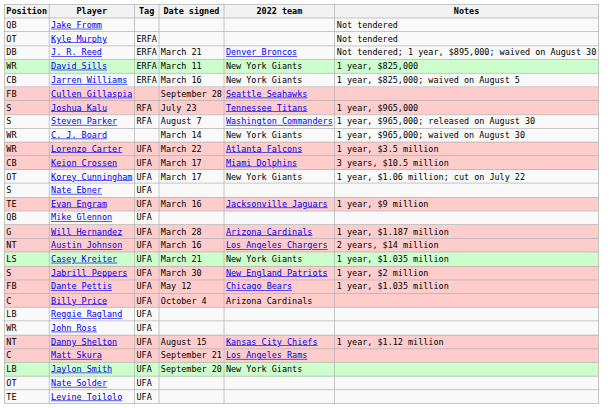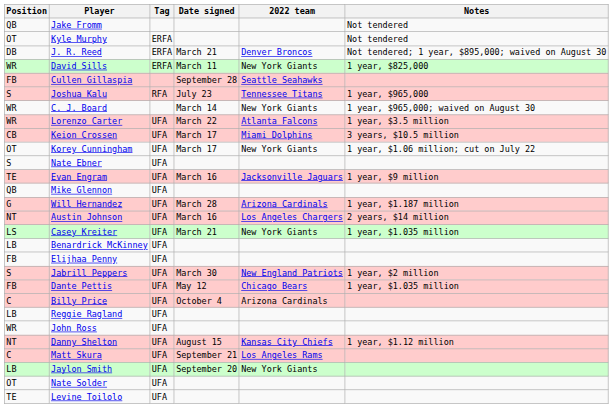 <table class="wikitable">
 <tr>
 <th>Position</th>
 <th>Player</th>
 <th>Tag</th>
 <th>Date signed</th>
 <th>2022 team</th>
 <th>Notes</th>
 </tr>
 <tr>
 <td>QB</td>
 <td><a href='#'>Jake Fromm</a></td>
 <td></td>
 <td></td>
 <td></td>
 <td>Not tendered</td>
 </tr>
 <tr>
 <td>OT</td>
 <td><a href='#'>Kyle Murphy</a></td>
 <td>ERFA</td>
 <td></td>
 <td></td>
 <td>Not tendered</td>
 </tr>
 <tr>
 <td>DB</td>
 <td><a href='#'>J. R. Reed</a></td>
 <td>ERFA</td>
 <td>March 21</td>
 <td><a href='#'>Denver Broncos</a></td>
 <td>Not tendered; 1 year, $895,000; waived on August 30</td>
 </tr>
 <tr bgcolor="#ccffcc">
 <td>WR</td>
 <td><a href='#'>David Sills</a></td>
 <td>ERFA</td>
 <td>March 11</td>
 <td>New York Giants</td>
 <td>1 year, $825,000</td>
 </tr>
-<tr>
-<td>CB</td>
-<td><a href='#'>Jarren Williams</a></td>
-<td>ERFA</td>
-<td>March 16</td>
-<td>New York Giants</td>
-<td>1 year, $825,000; waived on August 5</td>
-</tr>
 <tr bgcolor="#ffcccc">
 <td>FB</td>
 <td><a href='#'>Cullen Gillaspia</a></td>
 <td></td>
 <td>September 28</td>
 <td><a href='#'>Seattle Seahawks</a></td>
 <td></td>
 </tr>
 <tr bgcolor="#ffcccc">
 <td>S</td>
 <td><a href='#'>Joshua Kalu</a></td>
 <td>RFA</td>
 <td>July 23</td>
 <td><a href='#'>Tennessee Titans</a></td>
 <td>1 year, $965,000</td>
-</tr>
-<tr>
-<td>S</td>
-<td><a href='#'>Steven Parker</a></td>
-<td>RFA</td>
-<td>August 7</td>
-<td><a href='#'>Washington Commanders</a></td>
-<td>1 year, $965,000; released on August 30</td>
 </tr>
 <tr>
 <td>WR</td>
 <td><a href='#'>C. J. Board</a></td>
 <td></td>
 <td>March 14</td>
 <td>New York Giants</td>
 <td>1 year, $965,000; waived on August 30</td>
 </tr>
 <tr bgcolor="#ffcccc">
 <td>WR</td>
 <td><a href='#'>Lorenzo Carter</a></td>
 <td>UFA</td>
 <td>March 22</td>
 <td><a href='#'>Atlanta Falcons</a></td>
 <td>1 year, $3.5 million</td>
 </tr>
 <tr bgcolor="#ffcccc">
 <td>CB</td>
 <td><a href='#'>Keion Crossen</a></td>
 <td>UFA</td>
 <td>March 17</td>
 <td><a href='#'>Miami Dolphins</a></td>
 <td>3 years, $10.5 million</td>
 </tr>
 <tr>
 <td>OT</td>
 <td><a href='#'>Korey Cunningham</a></td>
 <td>UFA</td>
 <td>March 17</td>
 <td>New York Giants</td>
 <td>1 year, $1.06 million; cut on July 22</td>
 </tr>
 <tr>
 <td>S</td>
 <td><a href='#'>Nate Ebner</a></td>
 <td>UFA</td>
 <td></td>
 <td></td>
 <td></td>
 </tr>
 <tr bgcolor="#ffcccc">
 <td>TE</td>
 <td><a href='#'>Evan Engram</a></td>
 <td>UFA</td>
 <td>March 16</td>
 <td><a href='#'>Jacksonville Jaguars</a></td>
 <td>1 year, $9 million</td>
 </tr>
 <tr>
 <td>QB</td>
 <td><a href='#'>Mike Glennon</a></td>
 <td>UFA</td>
 <td></td>
 <td></td>
 <td></td>
 </tr>
 <tr bgcolor="#ffcccc">
 <td>G</td>
 <td><a href='#'>Will Hernandez</a></td>
 <td>UFA</td>
 <td>March 28</td>
 <td><a href='#'>Arizona Cardinals</a></td>
 <td>1 year, $1.187 million</td>
 </tr>
 <tr bgcolor="#ffcccc">
 <td>NT</td>
 <td><a href='#'>Austin Johnson</a></td>
 <td>UFA</td>
 <td>March 16</td>
 <td><a href='#'>Los Angeles Chargers</a></td>
 <td>2 years, $14 million</td>
 </tr>
 <tr bgcolor="#ccffcc">
 <td>LS</td>
 <td><a href='#'>Casey Kreiter</a></td>
 <td>UFA</td>
 <td>March 21</td>
 <td>New York Giants</td>
 <td>1 year, $1.035 million</td>
+</tr>
+<tr>
+<td>LB</td>
+<td><a href='#'>Benardrick McKinney</a></td>
+<td>UFA</td>
+<td></td>
+<td></td>
+<td></td>
+</tr>
+<tr>
+<td>FB</td>
+<td><a href='#'>Elijhaa Penny</a></td>
+<td>UFA</td>
+<td></td>
+<td></td>
+<td></td>
 </tr>
 <tr bgcolor="#ffcccc">
 <td>S</td>
 <td><a href='#'>Jabrill Peppers</a></td>
 <td>UFA</td>
 <td>March 30</td>
 <td><a href='#'>New England Patriots</a></td>
 <td>1 year, $2 million</td>
 </tr>
 <tr bgcolor="#ffcccc">
 <td>FB</td>
 <td><a href='#'>Dante Pettis</a></td>
 <td>UFA</td>
 <td>May 12</td>
 <td><a href='#'>Chicago Bears</a></td>
 <td>1 year, $1.035 million</td>
 </tr>
 <tr bgcolor="#ffcccc">
 <td>C</td>
 <td><a href='#'>Billy Price</a></td>
 <td>UFA</td>
 <td>October 4</td>
 <td>Arizona Cardinals</td>
 <td></td>
 </tr>
 <tr>
 <td>LB</td>
 <td><a href='#'>Reggie Ragland</a></td>
 <td>UFA</td>
 <td></td>
 <td></td>
 <td></td>
 </tr>
 <tr>
 <td>WR</td>
 <td><a href='#'>John Ross</a></td>
 <td>UFA</td>
 <td></td>
 <td></td>
 <td></td>
 </tr>
 <tr bgcolor="#ffcccc">
 <td>NT</td>
 <td><a href='#'>Danny Shelton</a></td>
 <td>UFA</td>
 <td>August 15</td>
 <td><a href='#'>Kansas City Chiefs</a></td>
 <td>1 year, $1.12 million</td>
 </tr>
 <tr bgcolor="#ffcccc">
 <td>C</td>
 <td><a href='#'>Matt Skura</a></td>
 <td>UFA</td>
 <td>September 21</td>
 <td><a href='#'>Los Angeles Rams</a></td>
 <td></td>
 </tr>
 <tr bgcolor="#ccffcc">
 <td>LB</td>
 <td><a href='#'>Jaylon Smith</a></td>
 <td>UFA</td>
 <td>September 20</td>
 <td>New York Giants</td>
 <td></td>
 </tr>
 <tr>
 <td>OT</td>
 <td><a href='#'>Nate Solder</a></td>
 <td>UFA</td>
 <td></td>
 <td></td>
 <td></td>
 </tr>
 <tr>
 <td>TE</td>
 <td><a href='#'>Levine Toilolo</a></td>
 <td>UFA</td>
 <td></td>
 <td></td>
 <td></td>
 </tr>
 </table>
